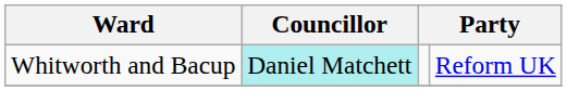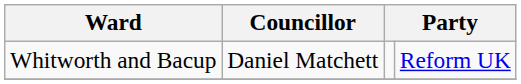 <table class="wikitable">
 <tr>
 <th>Ward</th>
 <th>Councillor</th>
 <th colspan="2">Party</th>
 </tr>
 <tr>
 <td>Whitworth and Bacup</td>
-<td style="background: paleturquoise;">Daniel Matchett</td>
+<td>Daniel Matchett</td>
 <td style="background-color: "></td>
 <td><a href='#'>Reform UK</a></td>
 </tr>
 <tr>
 </tr>
 </table>
